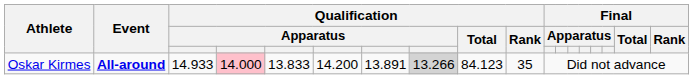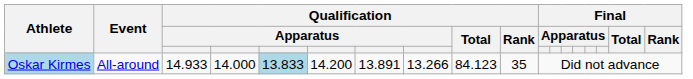 <table class="wikitable" style="font-size:90%">
 <tr>
 <th rowspan=3>Athlete</th>
 <th rowspan=3>Event</th>
 <th colspan =8>Qualification</th>
 <th colspan =8>Final</th>
 </tr>
 <tr style="font-size:95%">
 <th colspan=6>Apparatus</th>
 <th rowspan=2>Total</th>
 <th rowspan=2>Rank</th>
 <th colspan=6>Apparatus</th>
 <th rowspan=2>Total</th>
 <th rowspan=2>Rank</th>
 </tr>
 <tr style="font-size:95%">
 <th></th>
 <th></th>
 <th></th>
 <th></th>
 <th></th>
 <th></th>
 <th></th>
 <th></th>
 <th></th>
 <th></th>
 <th></th>
 <th></th>
 </tr>
 <tr align=center>
-<td align=left><a href='#'>Oskar Kirmes</a></td>
-<td align=left><strong><a href='#'>All-around</a></strong></td>
+<td align=left style="background: lightblue;"><a href='#'>Oskar Kirmes</a></td>
+<td align=left><a href='#'>All-around</a></td>
 <td>14.933</td>
-<td style="background: pink;">14.000</td>
-<td>13.833</td>
+<td>14.000</td>
+<td style="background: lightblue;">13.833</td>
 <td>14.200</td>
 <td>13.891</td>
-<td style="background: lightgrey;">13.266</td>
+<td>13.266</td>
 <td>84.123</td>
 <td>35</td>
 <td colspan=8>Did not advance</td>
 </tr>
 </table>
